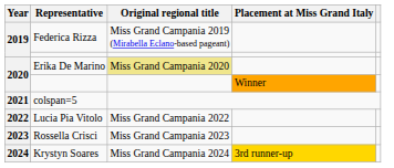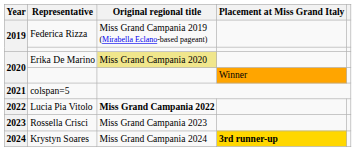 <table class="wikitable defaultcenter col2left" style="font-size:95%;">
 <tr>
 <th>Year</th>
 <th>Representative</th>
 <th>Original regional title</th>
 <th>Placement at Miss Grand Italy</th>
 <th></th>
 </tr>
 <tr>
 <th rowspan=2>2019</th>
 <td>Federica Rizza</td>
 <td>Miss Grand Campania 2019<br><small>(<a href='#'>Mirabella Eclano</a>-based pageant)</small></td>
 <td></td>
 <td></td>
 </tr>
 <tr>
 <td></td>
 <td></td>
 <td></td>
 <td></td>
 </tr>
 <tr>
 <th rowspan=2>2020</th>
 <td>Erika De Marino</td>
 <td style="background: khaki;">Miss Grand Campania 2020</td>
 <td></td>
 <td></td>
 </tr>
 <tr>
 <td></td>
 <td></td>
 <td bgcolor=orange>Winner</td>
 <td></td>
 </tr>
 <tr>
 <th>2021</th>
 <td>colspan=5 </td>
 </tr>
 <tr>
 <th>2022</th>
 <td>Lucia Pia Vitolo</td>
-<td>Miss Grand Campania 2022</td>
+<td><strong>Miss Grand Campania 2022</strong></td>
 <td></td>
 <td></td>
 </tr>
 <tr>
 <th>2023</th>
 <td>Rossella Crisci</td>
 <td>Miss Grand Campania 2023</td>
 <td></td>
 <td></td>
 </tr>
 <tr>
 <th>2024</th>
 <td>Krystyn Soares</td>
 <td>Miss Grand Campania 2024</td>
-<td bgcolor=gold>3rd runner-up</td>
+<td bgcolor=gold><strong>3rd runner-up</strong></td>
 <td></td>
 </tr>
 </table>
